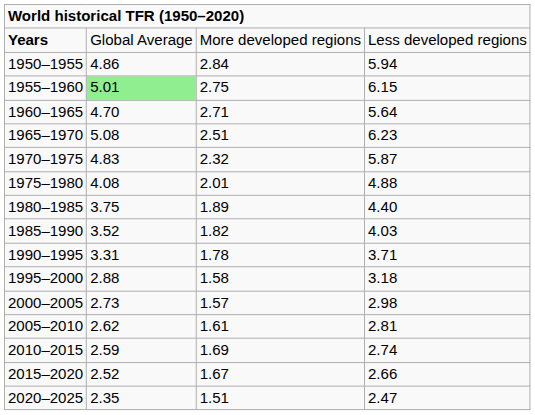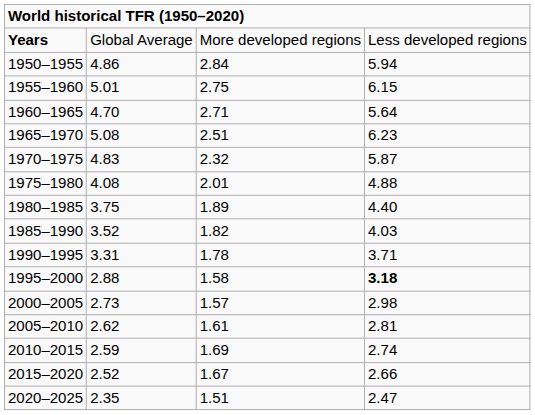 <table class="wikitable mw-collapsible">
 <tr>
 <td colspan="4"><strong>World historical TFR (1950–2020)</strong></td>
 </tr>
 <tr>
 <td><strong>Years</strong></td>
 <td>Global Average</td>
 <td>More developed regions</td>
 <td>Less developed regions</td>
 </tr>
 <tr>
 <td>1950–1955</td>
 <td>4.86</td>
 <td>2.84</td>
 <td>5.94</td>
 </tr>
 <tr>
 <td>1955–1960</td>
-<td style="background: lightgreen;">5.01</td>
+<td>5.01</td>
 <td>2.75</td>
 <td>6.15</td>
 </tr>
 <tr>
 <td>1960–1965</td>
 <td>4.70</td>
 <td>2.71</td>
 <td>5.64</td>
 </tr>
 <tr>
 <td>1965–1970</td>
 <td>5.08</td>
 <td>2.51</td>
 <td>6.23</td>
 </tr>
 <tr>
 <td>1970–1975</td>
 <td>4.83</td>
 <td>2.32</td>
 <td>5.87</td>
 </tr>
 <tr>
 <td>1975–1980</td>
 <td>4.08</td>
 <td>2.01</td>
 <td>4.88</td>
 </tr>
 <tr>
 <td>1980–1985</td>
 <td>3.75</td>
 <td>1.89</td>
 <td>4.40</td>
 </tr>
 <tr>
 <td>1985–1990</td>
 <td>3.52</td>
 <td>1.82</td>
 <td>4.03</td>
 </tr>
 <tr>
 <td>1990–1995</td>
 <td>3.31</td>
 <td>1.78</td>
 <td>3.71</td>
 </tr>
 <tr>
 <td>1995–2000</td>
 <td>2.88</td>
 <td>1.58</td>
-<td>3.18</td>
+<td><strong>3.18</strong></td>
 </tr>
 <tr>
 <td>2000–2005</td>
 <td>2.73</td>
 <td>1.57</td>
 <td>2.98</td>
 </tr>
 <tr>
 <td>2005–2010</td>
 <td>2.62</td>
 <td>1.61</td>
 <td>2.81</td>
 </tr>
 <tr>
 <td>2010–2015</td>
 <td>2.59</td>
 <td>1.69</td>
 <td>2.74</td>
 </tr>
 <tr>
 <td>2015–2020</td>
 <td>2.52</td>
 <td>1.67</td>
 <td>2.66</td>
 </tr>
 <tr>
 <td>2020–2025</td>
 <td>2.35</td>
 <td>1.51</td>
 <td>2.47</td>
 </tr>
 </table>
